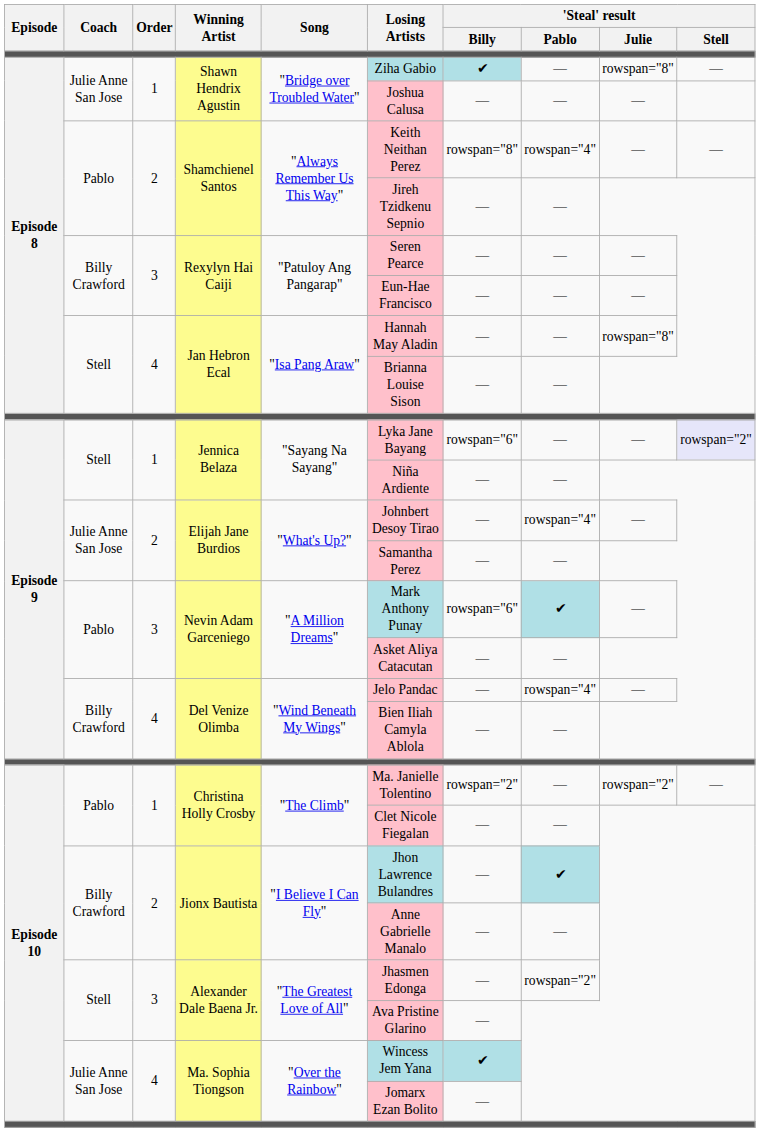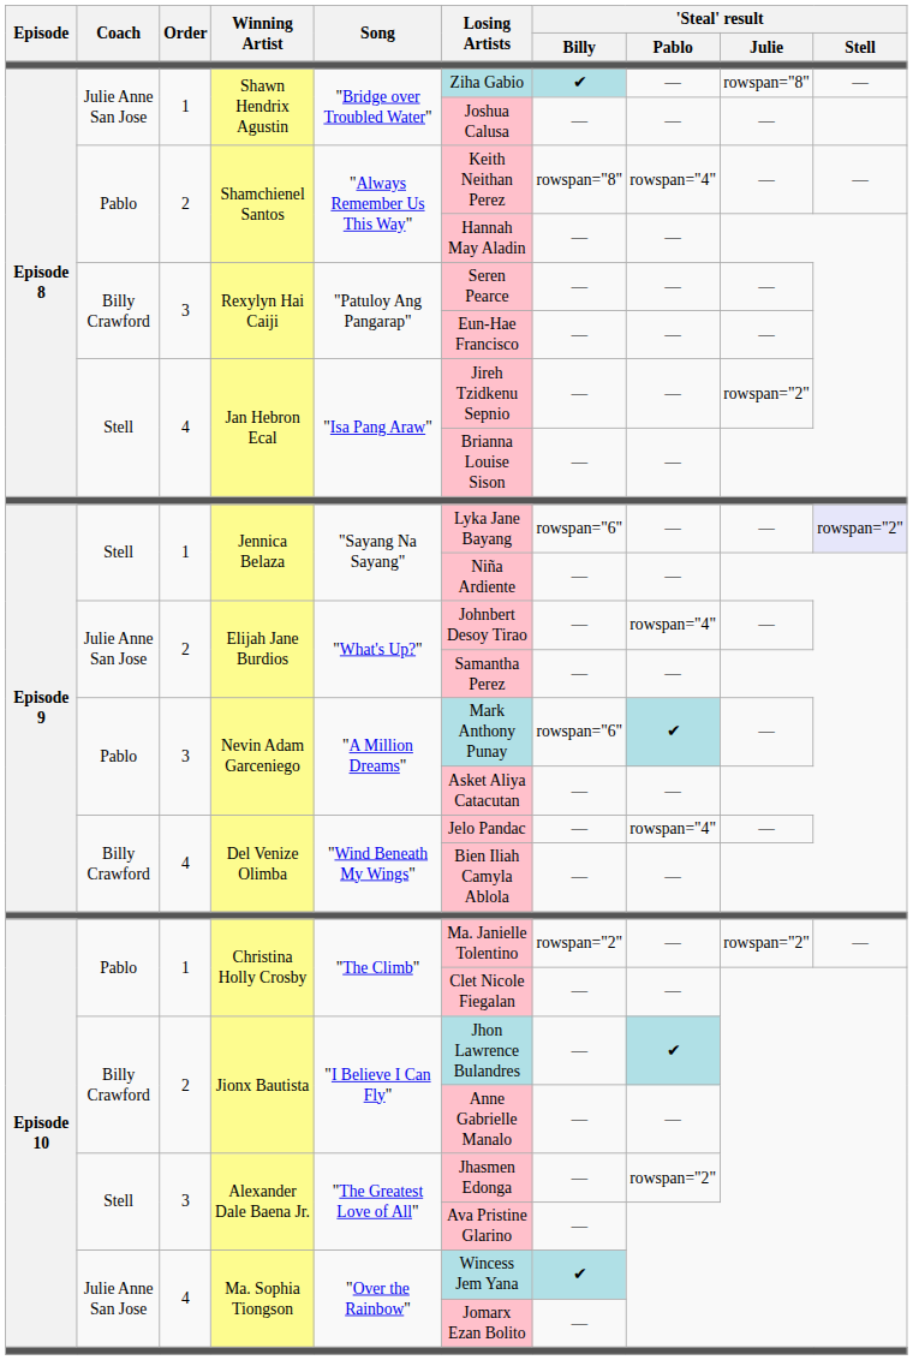 <table class="wikitable" style="text-align: center; line-height:20px;width:100%;">
 <tr>
 <th rowspan="2" style="width:10%;">Episode</th>
 <th rowspan="2" style="width:12%;">Coach</th>
 <th rowspan="2" style="width:04%;">Order</th>
 <th rowspan="2" style="width:14%;">Winning Artist</th>
 <th rowspan="2" style="width:25%;">Song</th>
 <th rowspan="2" style="width:14%;">Losing Artists</th>
 <th colspan="4" style="width:21%;">'Steal' result</th>
 </tr>
 <tr>
 <th style="width:05%;">Billy</th>
 <th style="width:05%;">Pablo</th>
 <th style="width:05%;">Julie</th>
 <th style="width:05%;">Stell</th>
 </tr>
 <tr>
 <td colspan="10" style="background:#555;"></td>
 </tr>
 <tr>
 <th rowspan="8">Episode 8<br><small></small></th>
 <td rowspan="2">Julie Anne San Jose</td>
 <td rowspan="2">1</td>
 <td rowspan="2" style="background:#fdfc8f;">Shawn Hendrix Agustin</td>
 <td rowspan="2">"<a href='#'>Bridge over Troubled Water</a>"</td>
 <td style="background:#b0e0e6">Ziha Gabio</td>
 <td style="background:#b0e0e6">✔</td>
 <td>—</td>
 <td>rowspan="8" </td>
 <td>—</td>
 </tr>
 <tr>
 <td style="background:pink;">Joshua Calusa</td>
 <td>—</td>
 <td>—</td>
 <td>—</td>
 </tr>
 <tr>
 <td rowspan="2">Pablo</td>
 <td rowspan="2">2</td>
 <td rowspan="2" style="background:#fdfc8f;">Shamchienel Santos</td>
 <td rowspan="2">"<a href='#'>Always Remember Us This Way</a>"</td>
 <td style="background:pink;">Keith Neithan Perez</td>
 <td>rowspan="8" </td>
 <td>rowspan="4" </td>
 <td>—</td>
 <td>—</td>
 </tr>
 <tr>
-<td style="background:pink;">Jireh Tzidkenu Sepnio</td>
+<td style="background:pink;">Hannah May Aladin</td>
 <td>—</td>
 <td>—</td>
 </tr>
 <tr>
 <td rowspan="2">Billy Crawford</td>
 <td rowspan="2">3</td>
 <td rowspan="2" style="background:#fdfc8f;">Rexylyn Hai Caiji</td>
 <td rowspan="2">"Patuloy Ang Pangarap"</td>
 <td style="background:pink;">Seren Pearce</td>
 <td>—</td>
 <td>—</td>
 <td>—</td>
 </tr>
 <tr>
 <td style="background:pink;">Eun-Hae Francisco</td>
 <td>—</td>
 <td>—</td>
 <td>—</td>
 </tr>
 <tr>
 <td rowspan="2">Stell</td>
 <td rowspan="2">4</td>
 <td rowspan="2" style="background:#fdfc8f;">Jan Hebron Ecal</td>
 <td rowspan="2">"<a href='#'>Isa Pang Araw</a>"</td>
-<td style="background:pink;">Hannah May Aladin</td>
+<td style="background:pink;">Jireh Tzidkenu Sepnio</td>
 <td>—</td>
 <td>—</td>
-<td>rowspan="8" </td>
+<td>rowspan="2" </td>
 </tr>
 <tr>
 <td style="background:pink;">Brianna Louise Sison</td>
 <td>—</td>
 <td>—</td>
 </tr>
 <tr>
 <td colspan="10" style="background:#555;"></td>
 </tr>
 <tr>
 <th rowspan="8">Episode 9<br><small></small></th>
 <td rowspan="2">Stell</td>
 <td rowspan="2">1</td>
 <td rowspan="2" style="background:#fdfc8f;">Jennica Belaza</td>
 <td rowspan="2">"Sayang Na Sayang"</td>
 <td style="background:pink;">Lyka Jane Bayang</td>
 <td>rowspan="6" </td>
 <td>—</td>
 <td>—</td>
 <td style="background: lavender;">rowspan="2" </td>
 </tr>
 <tr>
 <td style="background:pink;">Niña Ardiente</td>
 <td>—</td>
 <td>—</td>
 </tr>
 <tr>
 <td rowspan="2">Julie Anne San Jose</td>
 <td rowspan="2">2</td>
 <td rowspan="2" style="background:#fdfc8f;">Elijah Jane Burdios</td>
 <td rowspan="2">"<a href='#'>What's Up?</a>"</td>
 <td style="background:pink;">Johnbert Desoy Tirao</td>
 <td>—</td>
 <td>rowspan="4" </td>
 <td>—</td>
 </tr>
 <tr>
 <td style="background:pink;">Samantha Perez</td>
 <td>—</td>
 <td>—</td>
 </tr>
 <tr>
 <td rowspan="2">Pablo</td>
 <td rowspan="2">3</td>
 <td rowspan="2" style="background:#fdfc8f;">Nevin Adam Garceniego</td>
 <td rowspan="2">"<a href='#'>A Million Dreams</a>"</td>
 <td style="background:#b0e0e6">Mark Anthony Punay</td>
 <td>rowspan="6" </td>
 <td style="background:#b0e0e6">✔</td>
 <td>—</td>
 </tr>
 <tr>
 <td style="background:pink;">Asket Aliya Catacutan</td>
 <td>—</td>
 <td>—</td>
 </tr>
 <tr>
 <td rowspan="2">Billy Crawford</td>
 <td rowspan="2">4</td>
 <td rowspan="2" style="background:#fdfc8f;">Del Venize Olimba</td>
 <td rowspan="2">"<a href='#'>Wind Beneath My Wings</a>"</td>
 <td style="background:pink;">Jelo Pandac</td>
 <td>—</td>
 <td>rowspan="4" </td>
 <td>—</td>
 </tr>
 <tr>
 <td style="background:pink;">Bien Iliah Camyla Ablola</td>
 <td>—</td>
 <td>—</td>
 </tr>
 <tr>
 <td colspan="10" style="background:#555;"></td>
 </tr>
 <tr>
 <th rowspan="8">Episode 10<br><small></small></th>
 <td rowspan="2">Pablo</td>
 <td rowspan="2">1</td>
 <td rowspan="2" style="background:#fdfc8f;">Christina Holly Crosby</td>
 <td rowspan="2">"<a href='#'>The Climb</a>"</td>
 <td style="background:pink;">Ma. Janielle Tolentino</td>
 <td>rowspan="2" </td>
 <td>—</td>
 <td>rowspan="2" </td>
 <td>—</td>
 </tr>
 <tr>
 <td style="background:pink;">Clet Nicole Fiegalan</td>
 <td>—</td>
 <td>—</td>
 </tr>
 <tr>
 <td rowspan="2">Billy Crawford</td>
 <td rowspan="2">2</td>
 <td rowspan="2" style="background:#fdfc8f;">Jionx Bautista</td>
 <td rowspan="2">"<a href='#'>I Believe I Can Fly</a>"</td>
 <td style="background:#b0e0e6">Jhon Lawrence Bulandres</td>
 <td>—</td>
 <td style="background:#b0e0e6">✔</td>
 </tr>
 <tr>
 <td style="background:pink;">Anne Gabrielle Manalo</td>
 <td>—</td>
 <td>—</td>
 </tr>
 <tr>
 <td rowspan="2">Stell</td>
 <td rowspan="2">3</td>
 <td rowspan="2" style="background:#fdfc8f;">Alexander Dale Baena Jr.</td>
 <td rowspan="2">"<a href='#'>The Greatest Love of All</a>"</td>
 <td style="background:pink;">Jhasmen Edonga</td>
 <td>—</td>
 <td>rowspan="2" </td>
 </tr>
 <tr>
 <td style="background:pink;">Ava Pristine Glarino</td>
 <td>—</td>
 </tr>
 <tr>
 <td rowspan="2">Julie Anne San Jose</td>
 <td rowspan="2">4</td>
 <td rowspan="2" style="background:#fdfc8f;">Ma. Sophia Tiongson</td>
 <td rowspan="2">"<a href='#'>Over the Rainbow</a>"</td>
 <td style="background:#b0e0e6">Wincess Jem Yana</td>
 <td style="background:#b0e0e6">✔</td>
 </tr>
 <tr>
 <td style="background:pink;">Jomarx Ezan Bolito</td>
 <td>—</td>
 </tr>
 <tr>
 <td colspan="10" style="background:#555;"></td>
 </tr>
 </table>
